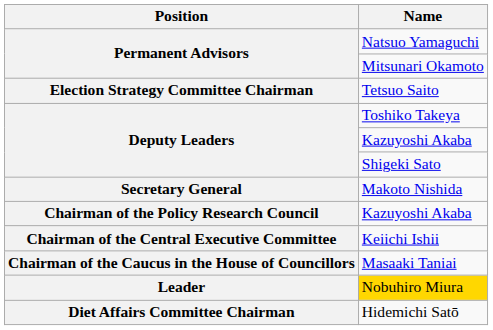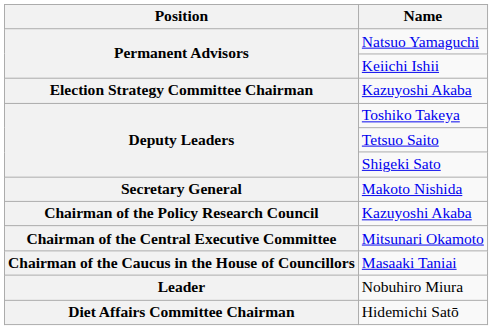 <table class="wikitable sortable">
 <tr>
 <th scope="col">Position</th>
 <th scope="col">Name</th>
 </tr>
 <tr>
 <th rowspan=2>Permanent Advisors</th>
 <td><a href='#'>Natsuo Yamaguchi</a></td>
 </tr>
 <tr>
-<td><a href='#'>Mitsunari Okamoto</a></td>
+<td><a href='#'>Keiichi Ishii</a></td>
 </tr>
 <tr>
 <th>Election Strategy Committee Chairman</th>
-<td><a href='#'>Tetsuo Saito</a></td>
+<td><a href='#'>Kazuyoshi Akaba</a></td>
 </tr>
 <tr>
 <th rowspan=3>Deputy Leaders</th>
 <td><a href='#'>Toshiko Takeya</a></td>
 </tr>
 <tr>
-<td><a href='#'>Kazuyoshi Akaba</a></td>
+<td><a href='#'>Tetsuo Saito</a></td>
 </tr>
 <tr>
 <td><a href='#'>Shigeki Sato</a></td>
 </tr>
 <tr>
 <th>Secretary General</th>
 <td><a href='#'>Makoto Nishida</a></td>
 </tr>
 <tr>
 <th>Chairman of the Policy Research Council</th>
 <td><a href='#'>Kazuyoshi Akaba</a></td>
 </tr>
 <tr>
 <th>Chairman of the Central Executive Committee</th>
-<td><a href='#'>Keiichi Ishii</a></td>
+<td><a href='#'>Mitsunari Okamoto</a></td>
 </tr>
 <tr>
 <th>Chairman of the Caucus in the House of Councillors</th>
 <td><a href='#'>Masaaki Taniai</a></td>
 </tr>
 <tr>
 <th>Leader</th>
-<td style="background: gold;">Nobuhiro Miura</td>
+<td>Nobuhiro Miura</td>
 </tr>
 <tr>
 <th>Diet Affairs Committee Chairman</th>
 <td>Hidemichi Satō</td>
 </tr>
 </table>
